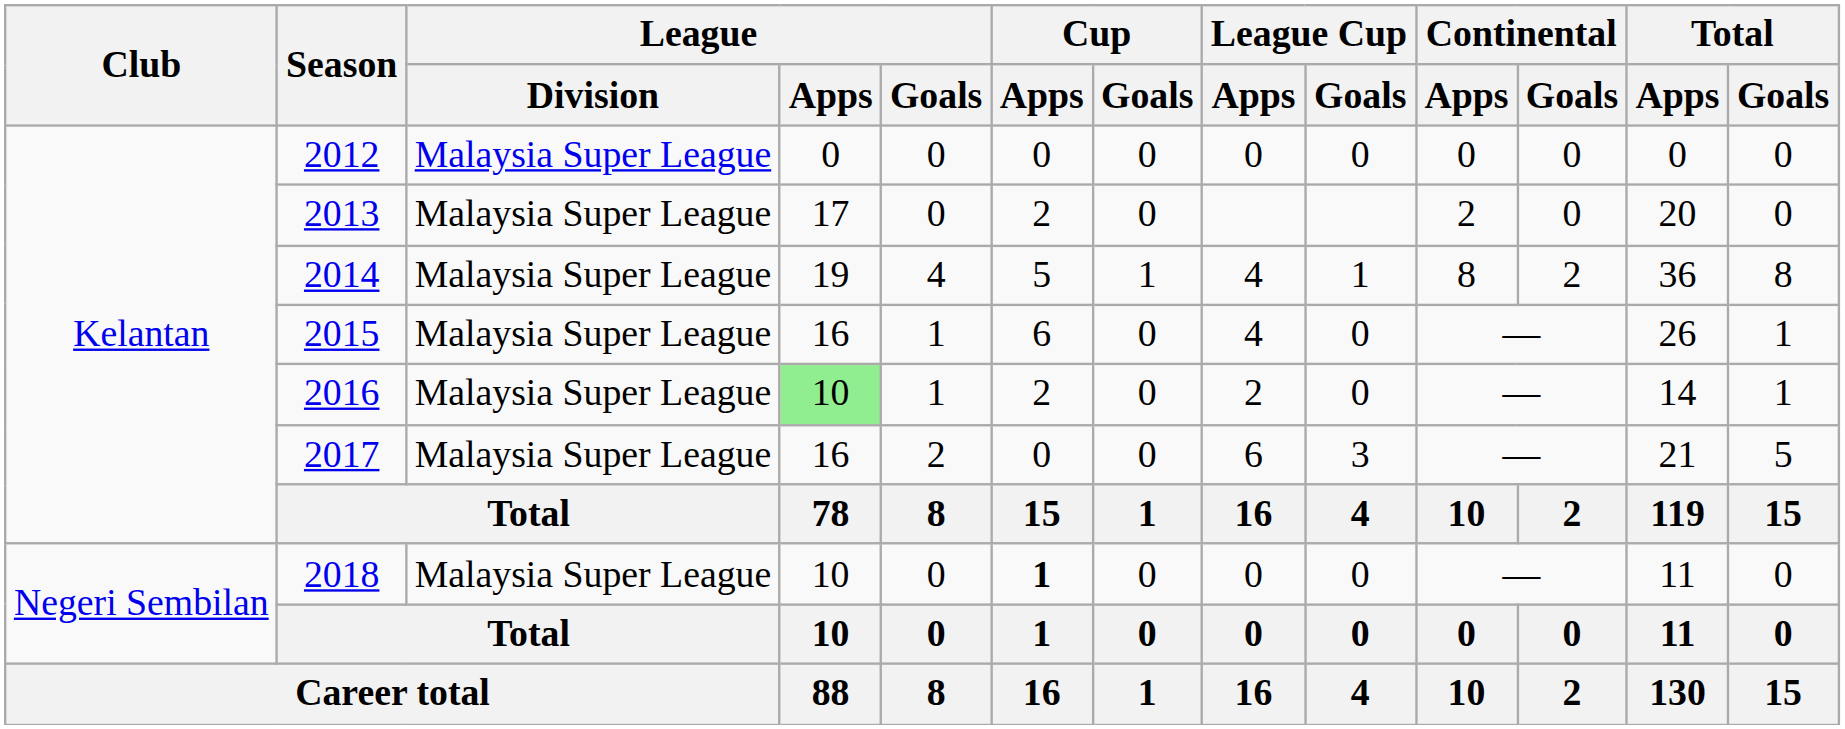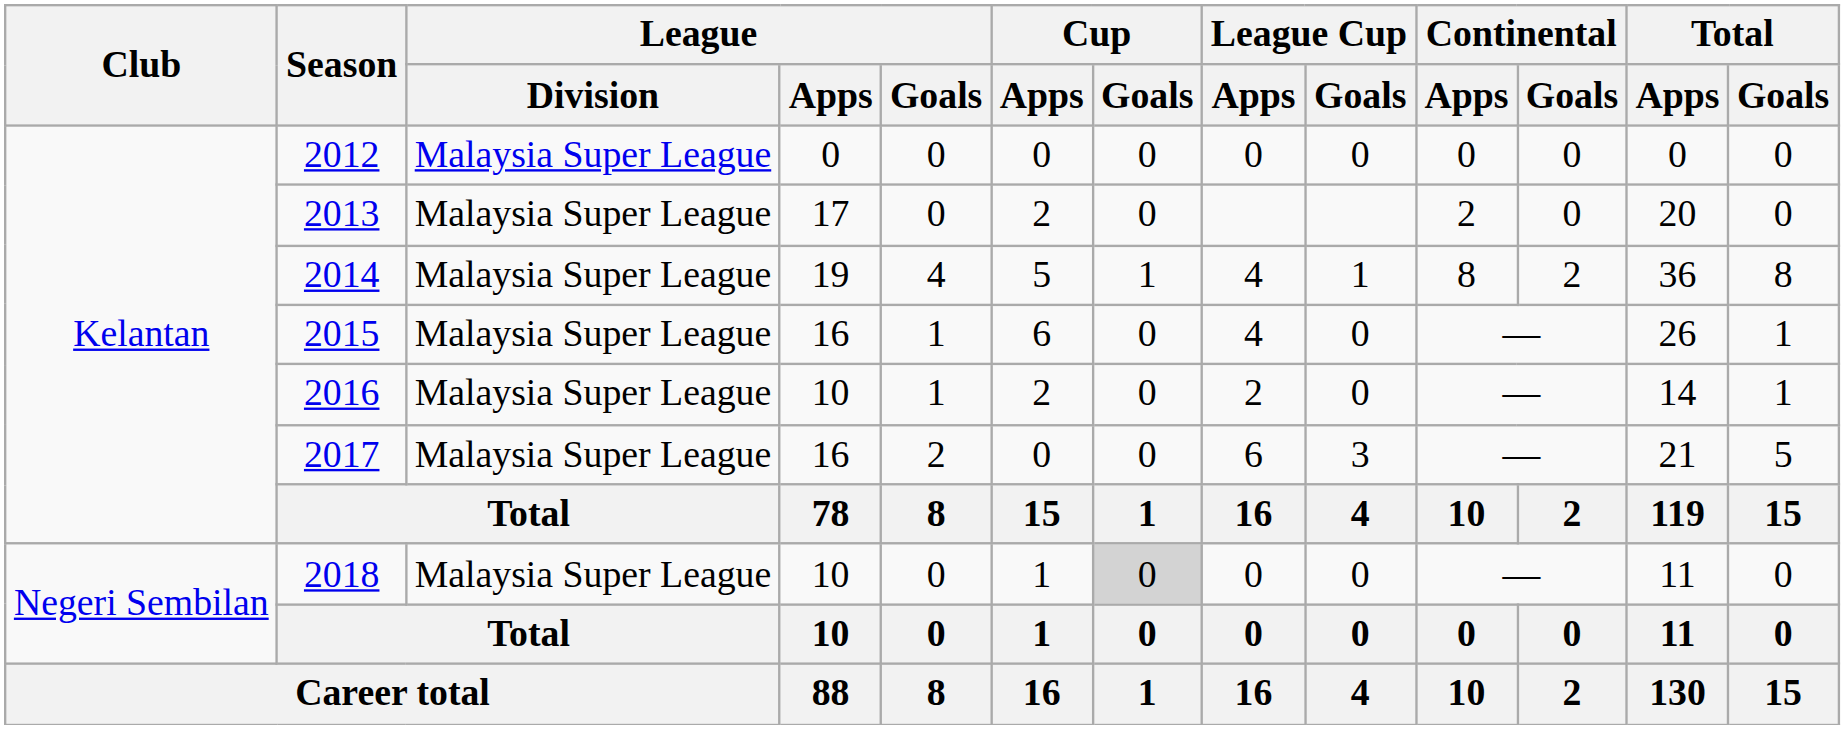 <table class="wikitable" style="text-align:center">
 <tr>
 <th rowspan="2">Club</th>
 <th rowspan="2">Season</th>
 <th colspan="3">League</th>
 <th colspan="2">Cup</th>
 <th colspan="2">League Cup</th>
 <th colspan="2">Continental</th>
 <th colspan="2">Total</th>
 </tr>
 <tr>
 <th>Division</th>
 <th>Apps</th>
 <th>Goals</th>
 <th>Apps</th>
 <th>Goals</th>
 <th>Apps</th>
 <th>Goals</th>
 <th>Apps</th>
 <th>Goals</th>
 <th>Apps</th>
 <th>Goals</th>
 </tr>
 <tr>
 <td rowspan="7"><a href='#'>Kelantan</a></td>
 <td><a href='#'>2012</a></td>
 <td><a href='#'>Malaysia Super League</a></td>
 <td>0</td>
 <td>0</td>
 <td>0</td>
 <td>0</td>
 <td>0</td>
 <td>0</td>
 <td>0</td>
 <td>0</td>
 <td>0</td>
 <td>0</td>
 </tr>
 <tr>
 <td><a href='#'>2013</a></td>
 <td>Malaysia Super League</td>
 <td>17</td>
 <td>0</td>
 <td>2</td>
 <td>0</td>
 <td></td>
 <td></td>
 <td>2</td>
 <td>0</td>
 <td>20</td>
 <td>0</td>
 </tr>
 <tr>
 <td><a href='#'>2014</a></td>
 <td>Malaysia Super League</td>
 <td>19</td>
 <td>4</td>
 <td>5</td>
 <td>1</td>
 <td>4</td>
 <td>1</td>
 <td>8</td>
 <td>2</td>
 <td>36</td>
 <td>8</td>
 </tr>
 <tr>
 <td><a href='#'>2015</a></td>
 <td>Malaysia Super League</td>
 <td>16</td>
 <td>1</td>
 <td>6</td>
 <td>0</td>
 <td>4</td>
 <td>0</td>
 <td colspan="2">—</td>
 <td>26</td>
 <td>1</td>
 </tr>
 <tr>
 <td><a href='#'>2016</a></td>
 <td>Malaysia Super League</td>
-<td style="background: lightgreen;">10</td>
+<td>10</td>
 <td>1</td>
 <td>2</td>
 <td>0</td>
 <td>2</td>
 <td>0</td>
 <td colspan="2">—</td>
 <td>14</td>
 <td>1</td>
 </tr>
 <tr>
 <td><a href='#'>2017</a></td>
 <td>Malaysia Super League</td>
 <td>16</td>
 <td>2</td>
 <td>0</td>
 <td>0</td>
 <td>6</td>
 <td>3</td>
 <td colspan="2">—</td>
 <td>21</td>
 <td>5</td>
 </tr>
 <tr>
 <th colspan="2">Total</th>
 <th>78</th>
 <th>8</th>
 <th>15</th>
 <th>1</th>
 <th>16</th>
 <th>4</th>
 <th>10</th>
 <th>2</th>
 <th>119</th>
 <th>15</th>
 </tr>
 <tr>
 <td rowspan="2"><a href='#'>Negeri Sembilan</a></td>
 <td><a href='#'>2018</a></td>
 <td>Malaysia Super League</td>
 <td>10</td>
 <td>0</td>
-<td><strong>1</strong></td>
-<td>0</td>
+<td>1</td>
+<td style="background: lightgrey;">0</td>
 <td>0</td>
 <td>0</td>
 <td colspan=2>—</td>
 <td>11</td>
 <td>0</td>
 </tr>
 <tr>
 <th colspan="2">Total</th>
 <th>10</th>
 <th>0</th>
 <th>1</th>
 <th>0</th>
 <th>0</th>
 <th>0</th>
 <th>0</th>
 <th>0</th>
 <th>11</th>
 <th>0</th>
 </tr>
 <tr>
 <th colspan="3">Career total</th>
 <th>88</th>
 <th>8</th>
 <th>16</th>
 <th>1</th>
 <th>16</th>
 <th>4</th>
 <th>10</th>
 <th>2</th>
 <th>130</th>
 <th>15</th>
 </tr>
 </table>
